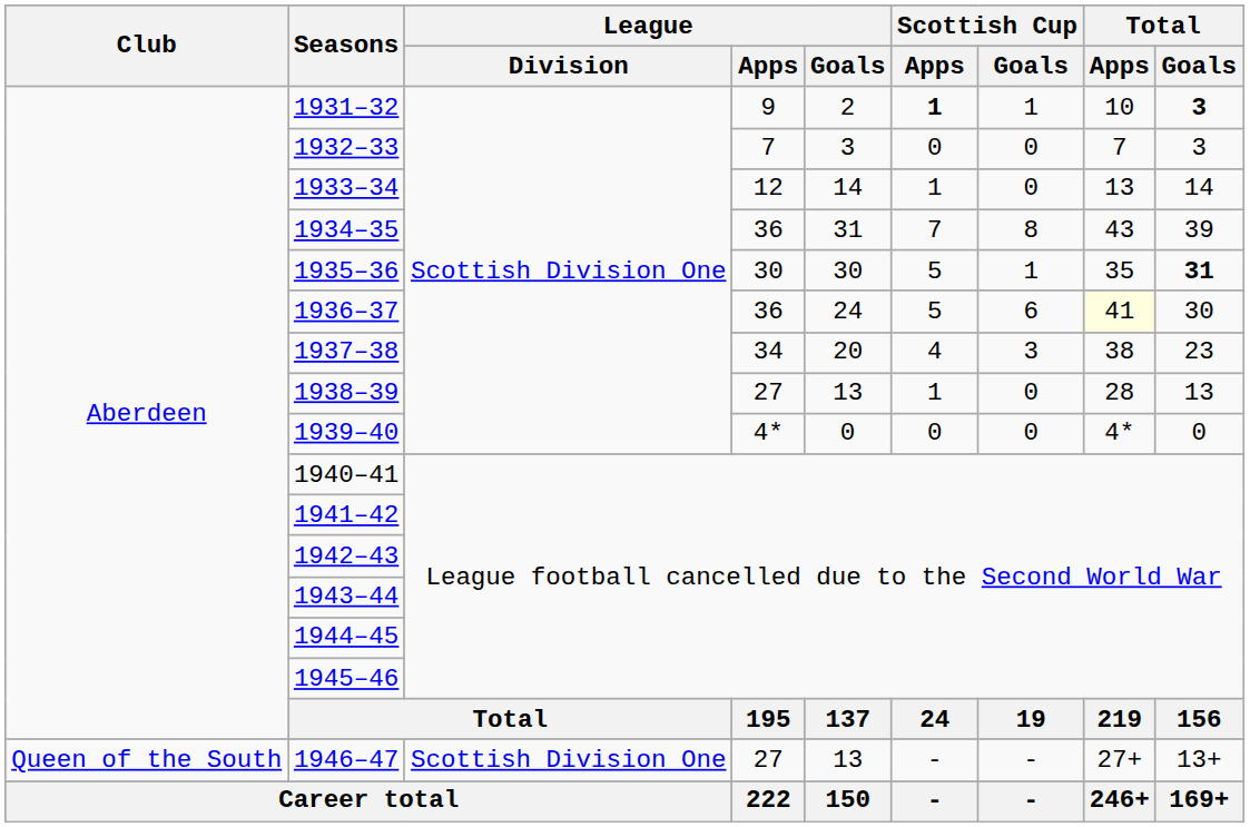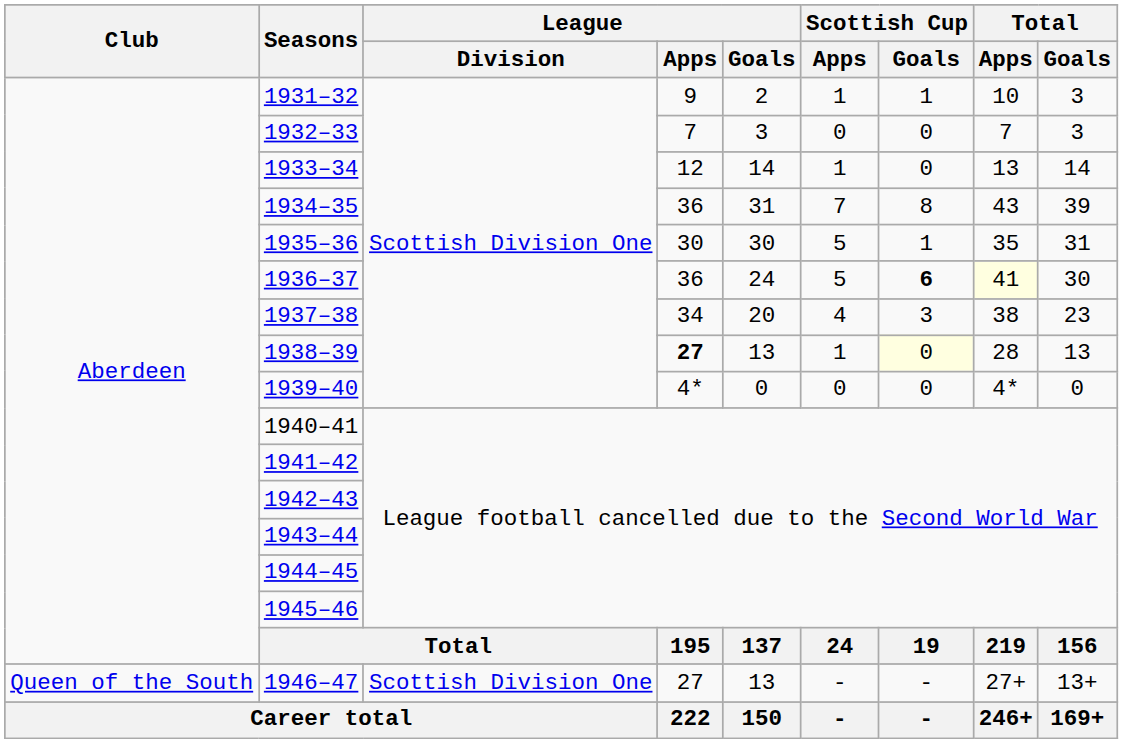 <table class="wikitable" style="text-align:center">
 <tr>
 <th rowspan="2">Club</th>
 <th rowspan="2">Seasons</th>
 <th colspan="3">League</th>
 <th colspan="2">Scottish Cup</th>
 <th colspan="2">Total</th>
 </tr>
 <tr>
 <th>Division</th>
 <th>Apps</th>
 <th>Goals</th>
 <th>Apps</th>
 <th>Goals</th>
 <th>Apps</th>
 <th>Goals</th>
 </tr>
 <tr>
 <td rowspan="16"><a href='#'>Aberdeen</a></td>
 <td><a href='#'>1931–32</a></td>
 <td rowspan="9"><a href='#'>Scottish Division One</a></td>
 <td>9</td>
 <td>2</td>
-<td><strong>1</strong></td>
+<td>1</td>
 <td>1</td>
 <td>10</td>
-<td><strong>3</strong></td>
+<td>3</td>
 </tr>
 <tr>
 <td><a href='#'>1932–33</a></td>
 <td>7</td>
 <td>3</td>
 <td>0</td>
 <td>0</td>
 <td>7</td>
 <td>3</td>
 </tr>
 <tr>
 <td><a href='#'>1933–34</a></td>
 <td>12</td>
 <td>14</td>
 <td>1</td>
 <td>0</td>
 <td>13</td>
 <td>14</td>
 </tr>
 <tr>
 <td><a href='#'>1934–35</a></td>
 <td>36</td>
 <td>31</td>
 <td>7</td>
 <td>8</td>
 <td>43</td>
 <td>39</td>
 </tr>
 <tr>
 <td><a href='#'>1935–36</a></td>
 <td>30</td>
 <td>30</td>
 <td>5</td>
 <td>1</td>
 <td>35</td>
-<td><strong>31</strong></td>
+<td>31</td>
 </tr>
 <tr>
 <td><a href='#'>1936–37</a></td>
 <td>36</td>
 <td>24</td>
 <td>5</td>
-<td>6</td>
+<td><strong>6</strong></td>
 <td style="background: lightyellow;">41</td>
 <td>30</td>
 </tr>
 <tr>
 <td><a href='#'>1937–38</a></td>
 <td>34</td>
 <td>20</td>
 <td>4</td>
 <td>3</td>
 <td>38</td>
 <td>23</td>
 </tr>
 <tr>
 <td><a href='#'>1938–39</a></td>
-<td>27</td>
+<td><strong>27</strong></td>
 <td>13</td>
 <td>1</td>
-<td>0</td>
+<td style="background: lightyellow;">0</td>
 <td>28</td>
 <td>13</td>
 </tr>
 <tr>
 <td><a href='#'>1939–40</a></td>
 <td>4*</td>
 <td>0</td>
 <td>0</td>
 <td>0</td>
 <td>4*</td>
 <td>0</td>
 </tr>
 <tr>
 <td>1940–41</td>
 <td colspan="7" rowspan="6">League football cancelled due to the <a href='#'>Second World War</a></td>
 </tr>
 <tr>
 <td><a href='#'>1941–42</a></td>
 </tr>
 <tr>
 <td><a href='#'>1942–43</a></td>
 </tr>
 <tr>
 <td><a href='#'>1943–44</a></td>
 </tr>
 <tr>
 <td><a href='#'>1944–45</a></td>
 </tr>
 <tr>
 <td><a href='#'>1945–46</a></td>
 </tr>
 <tr>
 <th colspan="2">Total</th>
 <th>195</th>
 <th>137</th>
 <th>24</th>
 <th>19</th>
 <th>219</th>
 <th>156</th>
 </tr>
 <tr>
 <td><a href='#'>Queen of the South</a></td>
 <td><a href='#'>1946–47</a></td>
 <td><a href='#'>Scottish Division One</a></td>
 <td>27</td>
 <td>13</td>
 <td>-</td>
 <td>-</td>
 <td>27+</td>
 <td>13+</td>
 </tr>
 <tr>
 <th colspan="3">Career total</th>
 <th>222</th>
 <th>150</th>
 <th>-</th>
 <th>-</th>
 <th>246+</th>
 <th>169+</th>
 </tr>
 </table>
